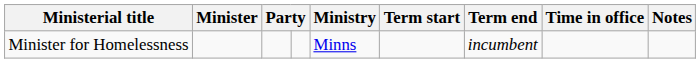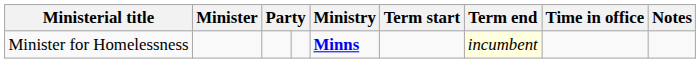 <table class="wikitable sortable">
 <tr>
 <th>Ministerial title</th>
 <th>Minister</th>
 <th colspan="2">Party</th>
 <th>Ministry</th>
 <th data-sort-type="date">Term start</th>
 <th data-sort-type=date>Term end</th>
 <th>Time in office</th>
 <th class="unsortable">Notes</th>
 </tr>
 <tr>
 <td>Minister for Homelessness</td>
 <td></td>
 <td> </td>
 <td></td>
-<td><a href='#'>Minns</a></td>
+<td><strong><a href='#'>Minns</a></strong></td>
 <td align=center></td>
-<td align=center><em>incumbent</em></td>
+<td align=center style="background: lightyellow;"><em>incumbent</em></td>
 <td align=right></td>
 <td></td>
 </tr>
 </table>
